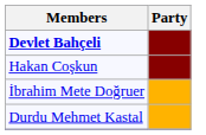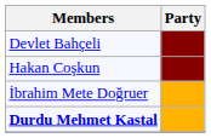 <table class=wikitable style="border:1px solid #8888aa; background-color:#f7f8ff; padding:0px; font-size:90%;">
 <tr>
 <th>Members</th>
 <th colspan="2">Party</th>
 </tr>
 <tr>
-<td><strong><a href='#'>Devlet Bahçeli</a></strong></td>
+<td><a href='#'>Devlet Bahçeli</a></td>
 <td style="background: #870000"></td>
 </tr>
 <tr>
 <td><a href='#'>Hakan Coşkun</a></td>
 <td style="background: #870000"></td>
 </tr>
 <tr>
 <td><a href='#'>İbrahim Mete Doğruer</a></td>
 <td style="background: #ffb300"></td>
 </tr>
 <tr>
-<td><a href='#'>Durdu Mehmet Kastal</a></td>
+<td><strong><a href='#'>Durdu Mehmet Kastal</a></strong></td>
 <td style="background: #ffb300"></td>
 </tr>
 <tr>
 </tr>
 </table>
